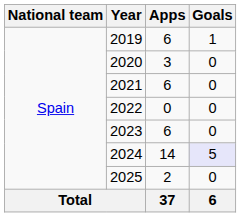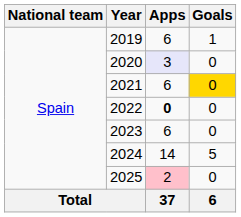 <table class=wikitable style="text-align: center">
 <tr>
 <th>National team</th>
 <th>Year</th>
 <th>Apps</th>
 <th>Goals</th>
 </tr>
 <tr>
 <td rowspan=7><a href='#'>Spain</a></td>
 <td>2019</td>
 <td>6</td>
 <td>1</td>
 </tr>
 <tr>
 <td>2020</td>
-<td>3</td>
+<td style="background: lavender;">3</td>
 <td>0</td>
 </tr>
 <tr>
 <td>2021</td>
 <td>6</td>
-<td>0</td>
+<td style="background: gold;">0</td>
 </tr>
 <tr>
 <td>2022</td>
-<td>0</td>
+<td><strong>0</strong></td>
 <td>0</td>
 </tr>
 <tr>
 <td>2023</td>
 <td>6</td>
 <td>0</td>
 </tr>
 <tr>
 <td>2024</td>
 <td>14</td>
-<td style="background: lavender;">5</td>
+<td>5</td>
 </tr>
 <tr>
 <td>2025</td>
-<td>2</td>
+<td style="background: pink;">2</td>
 <td>0</td>
 </tr>
 <tr>
 <th colspan=2>Total</th>
 <th>37</th>
 <th>6</th>
 </tr>
 </table>
